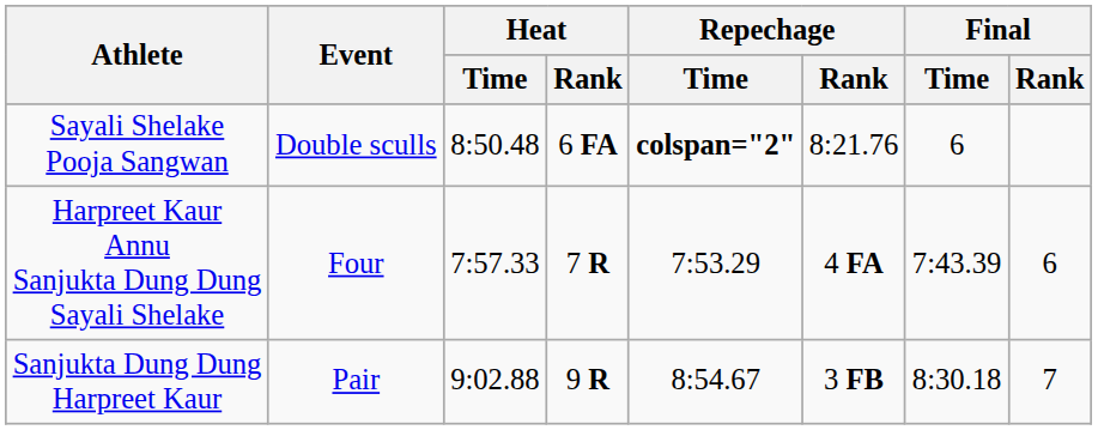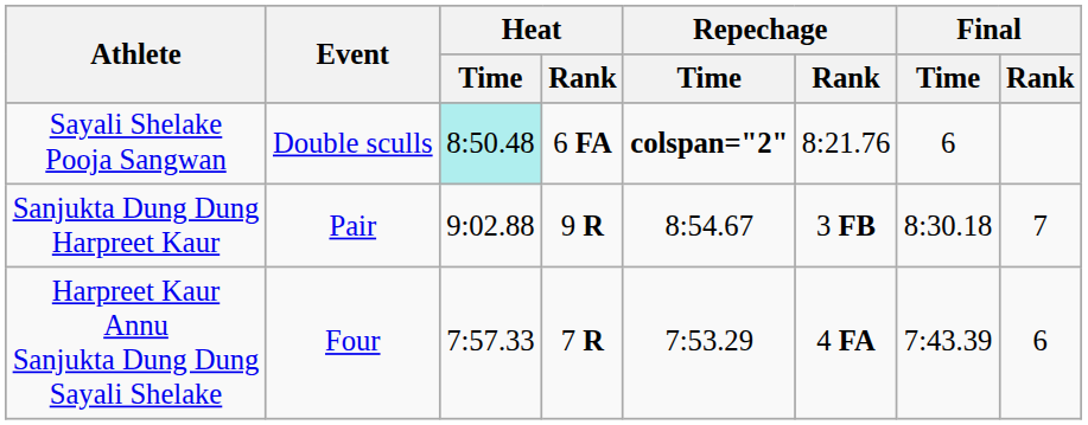 <table class=wikitable style="text-align:center; font-size:90%">
 <tr>
 <th rowspan="2">Athlete</th>
 <th rowspan="2">Event</th>
 <th colspan="2">Heat</th>
 <th colspan="2">Repechage</th>
 <th colspan="2">Final</th>
 </tr>
 <tr>
 <th>Time</th>
 <th>Rank</th>
 <th>Time</th>
 <th>Rank</th>
 <th>Time</th>
 <th>Rank</th>
 </tr>
 <tr>
 <td><a href='#'>Sayali Shelake</a><br><a href='#'>Pooja Sangwan</a></td>
 <td><a href='#'>Double sculls</a></td>
-<td>8:50.48</td>
+<td style="background: paleturquoise;">8:50.48</td>
 <td>6 <strong>FA</strong></td>
 <td><strong>colspan="2" </strong></td>
 <td>8:21.76</td>
-<td>6</td>
-</tr>
-<tr>
-<td><a href='#'>Harpreet Kaur</a><br><a href='#'>Annu</a><br><a href='#'>Sanjukta Dung Dung</a><br><a href='#'>Sayali Shelake</a></td>
-<td><a href='#'>Four</a></td>
-<td>7:57.33</td>
-<td>7 <strong>R</strong></td>
-<td>7:53.29</td>
-<td>4 <strong>FA</strong></td>
-<td>7:43.39</td>
 <td>6</td>
 </tr>
 <tr>
 <td><a href='#'>Sanjukta Dung Dung</a><br><a href='#'>Harpreet Kaur</a></td>
 <td><a href='#'>Pair</a></td>
 <td>9:02.88</td>
 <td>9 <strong>R</strong></td>
 <td>8:54.67</td>
 <td>3 <strong>FB</strong></td>
 <td>8:30.18</td>
 <td>7</td>
 </tr>
+<tr>
+<td><a href='#'>Harpreet Kaur</a><br><a href='#'>Annu</a><br><a href='#'>Sanjukta Dung Dung</a><br><a href='#'>Sayali Shelake</a></td>
+<td><a href='#'>Four</a></td>
+<td>7:57.33</td>
+<td>7 <strong>R</strong></td>
+<td>7:53.29</td>
+<td>4 <strong>FA</strong></td>
+<td>7:43.39</td>
+<td>6</td>
+</tr>
 </table>
